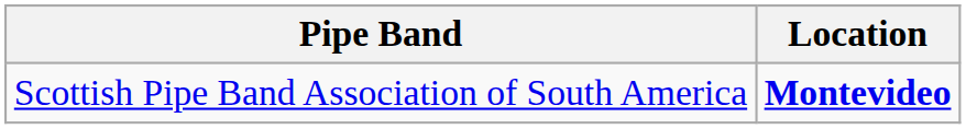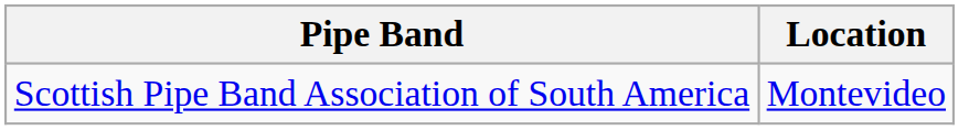 <table class="wikitable sortable">
 <tr>
 <th>Pipe Band</th>
 <th>Location</th>
 </tr>
 <tr>
 <td><a href='#'>Scottish Pipe Band Association of South America</a></td>
-<td><strong><a href='#'>Montevideo</a></strong></td>
+<td><a href='#'>Montevideo</a></td>
 </tr>
 </table>
